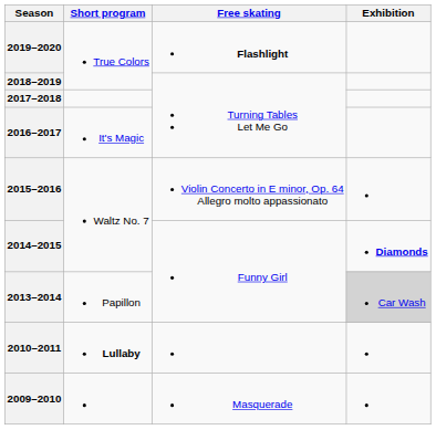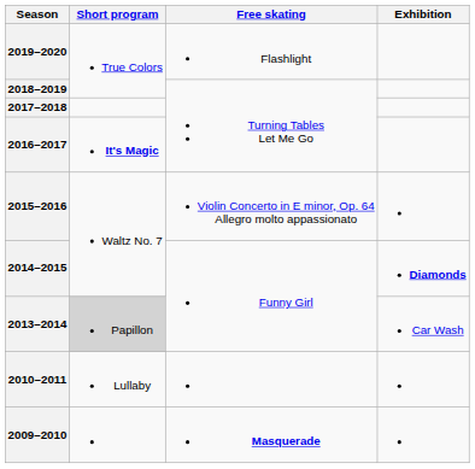 <table class="wikitable" style="text-align:center">
 <tr>
 <th>Season</th>
 <th><a href='#'>Short program</a></th>
 <th><a href='#'>Free skating</a></th>
 <th>Exhibition</th>
 </tr>
 <tr>
 <th>2019–2020 <br> </th>
 <td rowspan=2><br><ul><li><a href='#'>True Colors</a> <br></li></ul></td>
-<td><strong><br><ul><li>Flashlight <br></li></ul></strong></td>
+<td><br><ul><li>Flashlight <br></li></ul></td>
 <td></td>
 </tr>
 <tr>
 <th>2018–2019 <br> </th>
 <td rowspan=3><br><ul><li><a href='#'>Turning Tables</a> <br></li><li>Let Me Go <br></li></ul></td>
 <td></td>
 </tr>
 <tr>
 <th>2017–2018</th>
 <td></td>
 <td></td>
 </tr>
 <tr>
 <th>2016–2017 <br> </th>
-<td><br><ul><li><a href='#'>It's Magic</a> <br></li></ul></td>
+<td><strong><br><ul><li><a href='#'>It's Magic</a> <br></li></ul></strong></td>
 <td></td>
 </tr>
 <tr>
 <th>2015–2016 <br> </th>
 <td rowspan=2><br><ul><li>Waltz No. 7 <br></li></ul></td>
 <td><br><ul><li><a href='#'>Violin Concerto in E minor, Op. 64</a> <br> Allegro molto appassionato <br></li></ul></td>
 <td><br><ul><li></li></ul></td>
 </tr>
 <tr>
 <th>2014–2015 <br> </th>
 <td rowspan=2><br><ul><li><a href='#'>Funny Girl</a> <br></li></ul></td>
 <td><strong><br><ul><li><a href='#'>Diamonds</a> <br></li></ul></strong></td>
 </tr>
 <tr>
 <th>2013–2014 <br> </th>
-<td><br><ul><li>Papillon <br></li></ul></td>
-<td style="background: lightgrey;"><br><ul><li><a href='#'>Car Wash</a> <br></li></ul></td>
+<td style="background: lightgrey;"><br><ul><li>Papillon <br></li></ul></td>
+<td><br><ul><li><a href='#'>Car Wash</a> <br></li></ul></td>
 </tr>
 <tr>
 <th>2010–2011</th>
-<td><strong><br><ul><li>Lullaby <br></li></ul></strong></td>
+<td><br><ul><li>Lullaby <br></li></ul></td>
 <td><br><ul><li></li></ul></td>
 <td><br><ul><li></li></ul></td>
 </tr>
 <tr>
 <th>2009–2010</th>
 <td><br><ul><li></li></ul></td>
-<td><br><ul><li><a href='#'>Masquerade</a> <br></li></ul></td>
+<td><strong><br><ul><li><a href='#'>Masquerade</a> <br></li></ul></strong></td>
 <td><br><ul><li></li></ul></td>
 </tr>
 </table>
